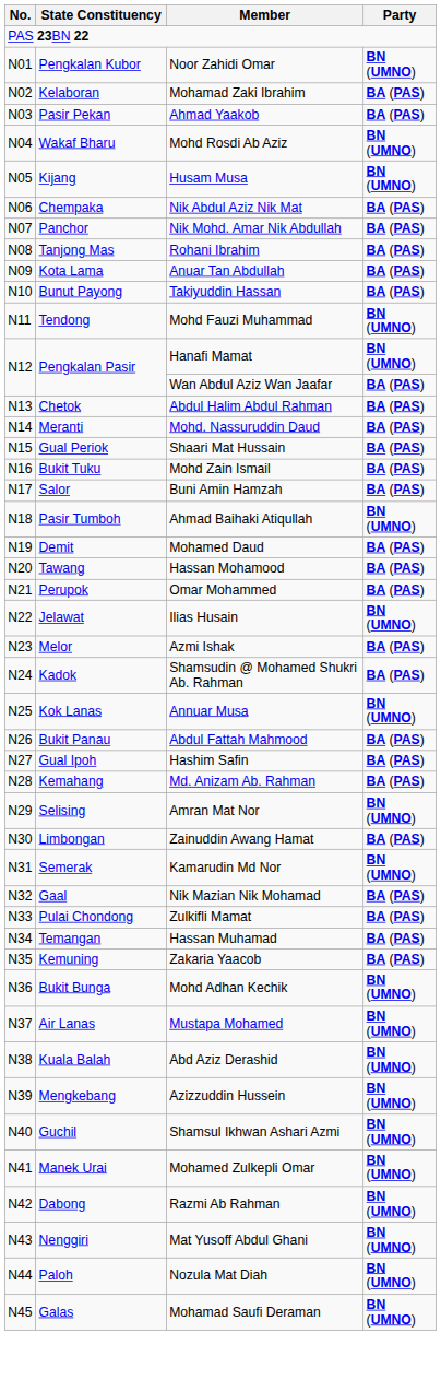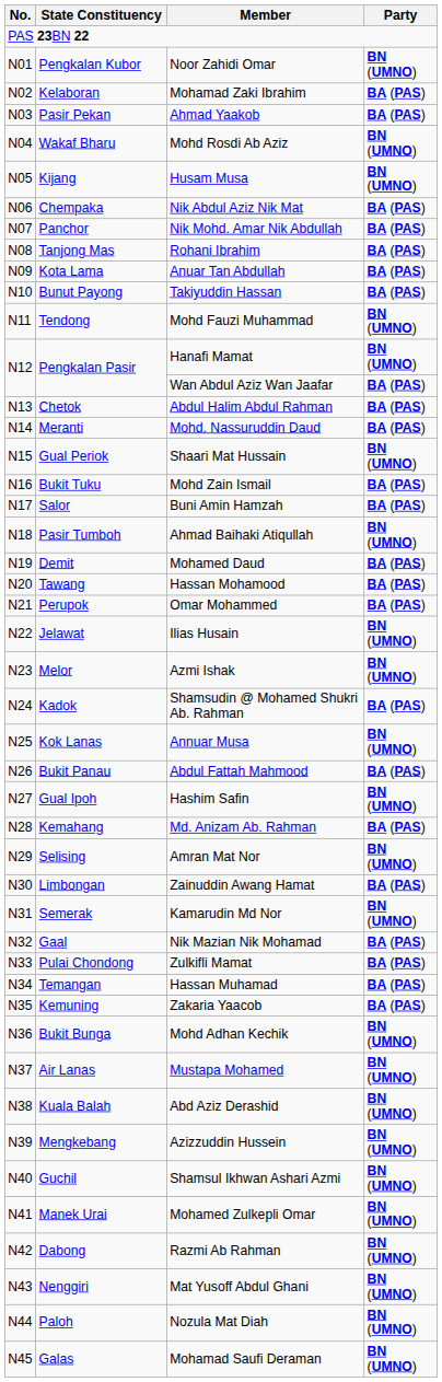 <table class="wikitable sortable">
 <tr>
 <th style="width:30px;">No.</th>
 <th style="width:150px;">State Constituency</th>
 <th style="width:230px;">Member</th>
 <th style="width:80px;">Party</th>
 </tr>
 <tr>
 <td colspan="4"><a href='#'>PAS</a> <strong>23</strong><a href='#'>BN</a> <strong>22</strong></td>
 </tr>
 <tr>
 <td>N01</td>
 <td><a href='#'>Pengkalan Kubor</a></td>
 <td>Noor Zahidi Omar</td>
 <td><strong><a href='#'>BN</a></strong> (<strong><a href='#'>UMNO</a></strong>)</td>
 </tr>
 <tr>
 <td>N02</td>
 <td><a href='#'>Kelaboran</a></td>
 <td>Mohamad Zaki Ibrahim</td>
 <td><strong><a href='#'>BA</a></strong> (<strong><a href='#'>PAS</a></strong>)</td>
 </tr>
 <tr>
 <td>N03</td>
 <td><a href='#'>Pasir Pekan</a></td>
 <td><a href='#'>Ahmad Yaakob</a></td>
 <td><strong><a href='#'>BA</a></strong> (<strong><a href='#'>PAS</a></strong>)</td>
 </tr>
 <tr>
 <td>N04</td>
 <td><a href='#'>Wakaf Bharu</a></td>
 <td>Mohd Rosdi Ab Aziz</td>
 <td><strong><a href='#'>BN</a></strong> (<strong><a href='#'>UMNO</a></strong>)</td>
 </tr>
 <tr>
 <td>N05</td>
 <td><a href='#'>Kijang</a></td>
 <td><a href='#'>Husam Musa</a></td>
 <td><strong><a href='#'>BN</a></strong> (<strong><a href='#'>UMNO</a></strong>)</td>
 </tr>
 <tr>
 <td>N06</td>
 <td><a href='#'>Chempaka</a></td>
 <td><a href='#'>Nik Abdul Aziz Nik Mat</a></td>
 <td><strong><a href='#'>BA</a></strong> (<strong><a href='#'>PAS</a></strong>)</td>
 </tr>
 <tr>
 <td>N07</td>
 <td><a href='#'>Panchor</a></td>
 <td><a href='#'>Nik Mohd. Amar Nik Abdullah</a></td>
 <td><strong><a href='#'>BA</a></strong> (<strong><a href='#'>PAS</a></strong>)</td>
 </tr>
 <tr>
 <td>N08</td>
 <td><a href='#'>Tanjong Mas</a></td>
 <td><a href='#'>Rohani Ibrahim</a></td>
 <td><strong><a href='#'>BA</a></strong> (<strong><a href='#'>PAS</a></strong>)</td>
 </tr>
 <tr>
 <td>N09</td>
 <td><a href='#'>Kota Lama</a></td>
 <td><a href='#'>Anuar Tan Abdullah</a></td>
 <td><strong><a href='#'>BA</a></strong> (<strong><a href='#'>PAS</a></strong>)</td>
 </tr>
 <tr>
 <td>N10</td>
 <td><a href='#'>Bunut Payong</a></td>
 <td><a href='#'>Takiyuddin Hassan</a></td>
 <td><strong><a href='#'>BA</a></strong> (<strong><a href='#'>PAS</a></strong>)</td>
 </tr>
 <tr>
 <td>N11</td>
 <td><a href='#'>Tendong</a></td>
 <td>Mohd Fauzi Muhammad</td>
 <td><strong><a href='#'>BN</a></strong> (<strong><a href='#'>UMNO</a></strong>)</td>
 </tr>
 <tr>
 <td rowspan=2>N12</td>
 <td rowspan=2><a href='#'>Pengkalan Pasir</a></td>
 <td>Hanafi Mamat </td>
 <td><strong><a href='#'>BN</a></strong> (<strong><a href='#'>UMNO</a></strong>)</td>
 </tr>
 <tr>
 <td>Wan Abdul Aziz Wan Jaafar </td>
 <td><strong><a href='#'>BA</a></strong> (<strong><a href='#'>PAS</a></strong>)</td>
 </tr>
 <tr>
 <td>N13</td>
 <td><a href='#'>Chetok</a></td>
 <td><a href='#'>Abdul Halim Abdul Rahman</a></td>
 <td><strong><a href='#'>BA</a></strong> (<strong><a href='#'>PAS</a></strong>)</td>
 </tr>
 <tr>
 <td>N14</td>
 <td><a href='#'>Meranti</a></td>
 <td><a href='#'>Mohd. Nassuruddin Daud</a></td>
 <td><strong><a href='#'>BA</a></strong> (<strong><a href='#'>PAS</a></strong>)</td>
 </tr>
 <tr>
 <td>N15</td>
 <td><a href='#'>Gual Periok</a></td>
 <td>Shaari Mat Hussain</td>
-<td><strong><a href='#'>BA</a></strong> (<strong><a href='#'>PAS</a></strong>)</td>
+<td><strong><a href='#'>BN</a></strong> (<strong><a href='#'>UMNO</a></strong>)</td>
 </tr>
 <tr>
 <td>N16</td>
 <td><a href='#'>Bukit Tuku</a></td>
 <td>Mohd Zain Ismail</td>
 <td><strong><a href='#'>BA</a></strong> (<strong><a href='#'>PAS</a></strong>)</td>
 </tr>
 <tr>
 <td>N17</td>
 <td><a href='#'>Salor</a></td>
 <td>Buni Amin Hamzah</td>
 <td><strong><a href='#'>BA</a></strong> (<strong><a href='#'>PAS</a></strong>)</td>
 </tr>
 <tr>
 <td>N18</td>
 <td><a href='#'>Pasir Tumboh</a></td>
 <td>Ahmad Baihaki Atiqullah</td>
 <td><strong><a href='#'>BN</a></strong> (<strong><a href='#'>UMNO</a></strong>)</td>
 </tr>
 <tr>
 <td>N19</td>
 <td><a href='#'>Demit</a></td>
 <td>Mohamed Daud</td>
 <td><strong><a href='#'>BA</a></strong> (<strong><a href='#'>PAS</a></strong>)</td>
 </tr>
 <tr>
 <td>N20</td>
 <td><a href='#'>Tawang</a></td>
 <td>Hassan Mohamood</td>
 <td><strong><a href='#'>BA</a></strong> (<strong><a href='#'>PAS</a></strong>)</td>
 </tr>
 <tr>
 <td>N21</td>
 <td><a href='#'>Perupok</a></td>
 <td>Omar Mohammed</td>
 <td><strong><a href='#'>BA</a></strong> (<strong><a href='#'>PAS</a></strong>)</td>
 </tr>
 <tr>
 <td>N22</td>
 <td><a href='#'>Jelawat</a></td>
 <td>Ilias Husain</td>
 <td><strong><a href='#'>BN</a></strong> (<strong><a href='#'>UMNO</a></strong>)</td>
 </tr>
 <tr>
 <td>N23</td>
 <td><a href='#'>Melor</a></td>
 <td>Azmi Ishak</td>
-<td><strong><a href='#'>BA</a></strong> (<strong><a href='#'>PAS</a></strong>)</td>
+<td><strong><a href='#'>BN</a></strong> (<strong><a href='#'>UMNO</a></strong>)</td>
 </tr>
 <tr>
 <td>N24</td>
 <td><a href='#'>Kadok</a></td>
 <td>Shamsudin @ Mohamed Shukri Ab. Rahman</td>
 <td><strong><a href='#'>BA</a></strong> (<strong><a href='#'>PAS</a></strong>)</td>
 </tr>
 <tr>
 <td>N25</td>
 <td><a href='#'>Kok Lanas</a></td>
 <td><a href='#'>Annuar Musa</a></td>
 <td><strong><a href='#'>BN</a></strong> (<strong><a href='#'>UMNO</a></strong>)</td>
 </tr>
 <tr>
 <td>N26</td>
 <td><a href='#'>Bukit Panau</a></td>
 <td><a href='#'>Abdul Fattah Mahmood</a></td>
 <td><strong><a href='#'>BA</a></strong> (<strong><a href='#'>PAS</a></strong>)</td>
 </tr>
 <tr>
 <td>N27</td>
 <td><a href='#'>Gual Ipoh</a></td>
 <td>Hashim Safin</td>
-<td><strong><a href='#'>BA</a></strong> (<strong><a href='#'>PAS</a></strong>)</td>
+<td><strong><a href='#'>BN</a></strong> (<strong><a href='#'>UMNO</a></strong>)</td>
 </tr>
 <tr>
 <td>N28</td>
 <td><a href='#'>Kemahang</a></td>
 <td><a href='#'>Md. Anizam Ab. Rahman</a></td>
 <td><strong><a href='#'>BA</a></strong> (<strong><a href='#'>PAS</a></strong>)</td>
 </tr>
 <tr>
 <td>N29</td>
 <td><a href='#'>Selising</a></td>
 <td>Amran Mat Nor</td>
 <td><strong><a href='#'>BN</a></strong> (<strong><a href='#'>UMNO</a></strong>)</td>
 </tr>
 <tr>
 <td>N30</td>
 <td><a href='#'>Limbongan</a></td>
 <td>Zainuddin Awang Hamat</td>
 <td><strong><a href='#'>BA</a></strong> (<strong><a href='#'>PAS</a></strong>)</td>
 </tr>
 <tr>
 <td>N31</td>
 <td><a href='#'>Semerak</a></td>
 <td>Kamarudin Md Nor</td>
 <td><strong><a href='#'>BN</a></strong> (<strong><a href='#'>UMNO</a></strong>)</td>
 </tr>
 <tr>
 <td>N32</td>
 <td><a href='#'>Gaal</a></td>
 <td>Nik Mazian Nik Mohamad</td>
 <td><strong><a href='#'>BA</a></strong> (<strong><a href='#'>PAS</a></strong>)</td>
 </tr>
 <tr>
 <td>N33</td>
 <td><a href='#'>Pulai Chondong</a></td>
 <td>Zulkifli Mamat</td>
 <td><strong><a href='#'>BA</a></strong> (<strong><a href='#'>PAS</a></strong>)</td>
 </tr>
 <tr>
 <td>N34</td>
 <td><a href='#'>Temangan</a></td>
 <td>Hassan Muhamad</td>
 <td><strong><a href='#'>BA</a></strong> (<strong><a href='#'>PAS</a></strong>)</td>
 </tr>
 <tr>
 <td>N35</td>
 <td><a href='#'>Kemuning</a></td>
 <td>Zakaria Yaacob</td>
 <td><strong><a href='#'>BA</a></strong> (<strong><a href='#'>PAS</a></strong>)</td>
 </tr>
 <tr>
 <td>N36</td>
 <td><a href='#'>Bukit Bunga</a></td>
 <td>Mohd Adhan Kechik</td>
 <td><strong><a href='#'>BN</a></strong> (<strong><a href='#'>UMNO</a></strong>)</td>
 </tr>
 <tr>
 <td>N37</td>
 <td><a href='#'>Air Lanas</a></td>
 <td><a href='#'>Mustapa Mohamed</a></td>
 <td><strong><a href='#'>BN</a></strong> (<strong><a href='#'>UMNO</a></strong>)</td>
 </tr>
 <tr>
 <td>N38</td>
 <td><a href='#'>Kuala Balah</a></td>
 <td>Abd Aziz Derashid</td>
 <td><strong><a href='#'>BN</a></strong> (<strong><a href='#'>UMNO</a></strong>)</td>
 </tr>
 <tr>
 <td>N39</td>
 <td><a href='#'>Mengkebang</a></td>
 <td>Azizzuddin Hussein</td>
 <td><strong><a href='#'>BN</a></strong> (<strong><a href='#'>UMNO</a></strong>)</td>
 </tr>
 <tr>
 <td>N40</td>
 <td><a href='#'>Guchil</a></td>
 <td>Shamsul Ikhwan Ashari Azmi</td>
 <td><strong><a href='#'>BN</a></strong> (<strong><a href='#'>UMNO</a></strong>)</td>
 </tr>
 <tr>
 <td>N41</td>
 <td><a href='#'>Manek Urai</a></td>
 <td>Mohamed Zulkepli Omar</td>
 <td><strong><a href='#'>BN</a></strong> (<strong><a href='#'>UMNO</a></strong>)</td>
 </tr>
 <tr>
 <td>N42</td>
 <td><a href='#'>Dabong</a></td>
 <td>Razmi Ab Rahman</td>
 <td><strong><a href='#'>BN</a></strong> (<strong><a href='#'>UMNO</a></strong>)</td>
 </tr>
 <tr>
 <td>N43</td>
 <td><a href='#'>Nenggiri</a></td>
 <td>Mat Yusoff Abdul Ghani</td>
 <td><strong><a href='#'>BN</a></strong> (<strong><a href='#'>UMNO</a></strong>)</td>
 </tr>
 <tr>
 <td>N44</td>
 <td><a href='#'>Paloh</a></td>
 <td>Nozula Mat Diah</td>
 <td><strong><a href='#'>BN</a></strong> (<strong><a href='#'>UMNO</a></strong>)</td>
 </tr>
 <tr>
 <td>N45</td>
 <td><a href='#'>Galas</a></td>
 <td>Mohamad Saufi Deraman</td>
 <td><strong><a href='#'>BN</a></strong> (<strong><a href='#'>UMNO</a></strong>)</td>
 </tr>
 </table>
